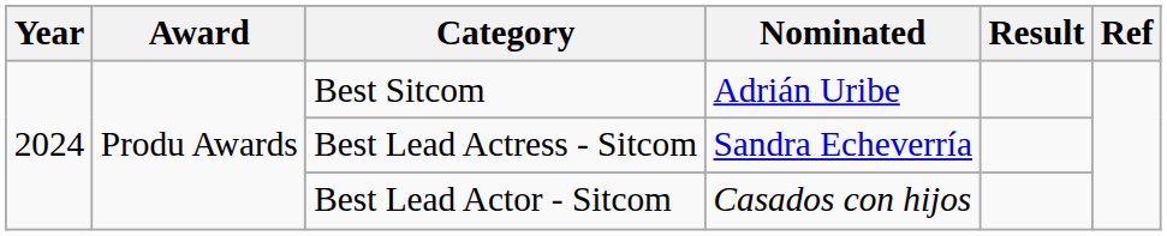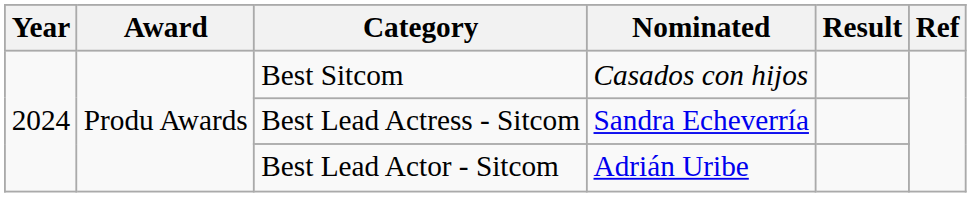 <table class="wikitable plainrowheaders">
 <tr>
 <th scope="col">Year</th>
 <th scope="col">Award</th>
 <th scope="col">Category</th>
 <th scope="col">Nominated</th>
 <th scope="col">Result</th>
 <th scope="col">Ref</th>
 </tr>
 <tr>
 <td rowspan=3>2024</td>
 <td rowspan=3>Produ Awards</td>
 <td>Best Sitcom</td>
-<td><a href='#'>Adrián Uribe</a></td>
+<td><em>Casados con hijos</em></td>
 <td></td>
 <td align="center" rowspan=3></td>
 </tr>
 <tr>
 <td>Best Lead Actress - Sitcom</td>
 <td><a href='#'>Sandra Echeverría</a></td>
 <td></td>
 </tr>
 <tr>
 <td>Best Lead Actor - Sitcom</td>
-<td><em>Casados con hijos</em></td>
+<td><a href='#'>Adrián Uribe</a></td>
 <td></td>
 </tr>
 </table>
